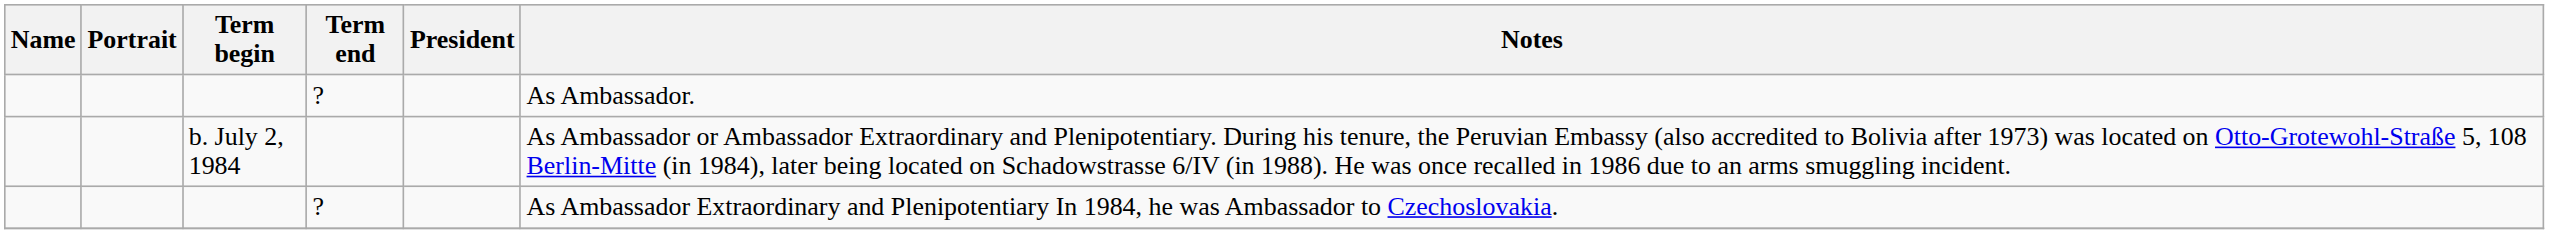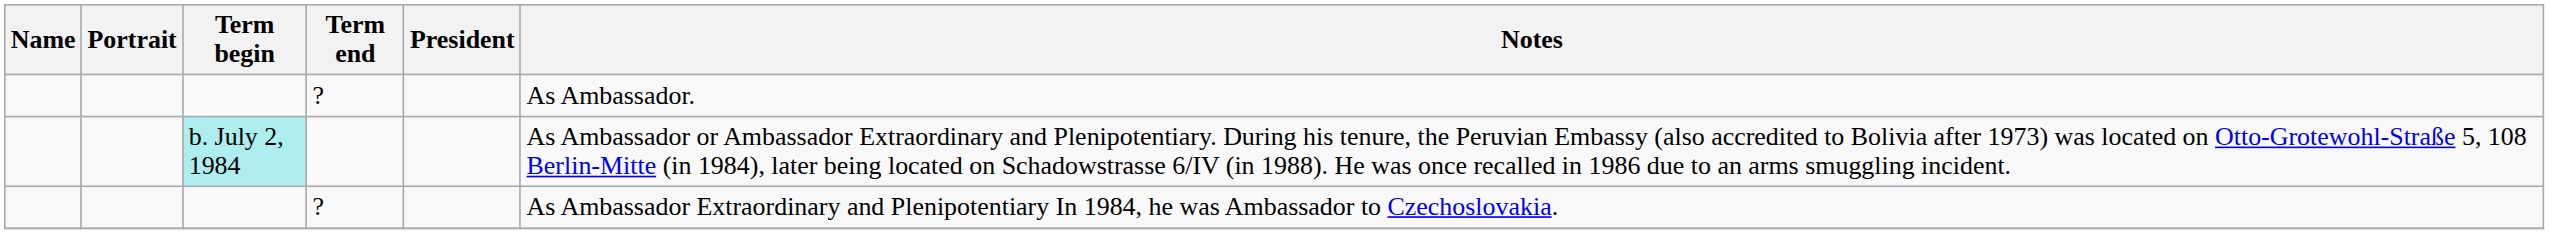 <table class="wikitable sortable"  text-align:center;">
 <tr>
 <th>Name</th>
 <th class="unsortable">Portrait</th>
 <th>Term begin</th>
 <th>Term end</th>
 <th>President</th>
 <th class="unsortable">Notes</th>
 </tr>
 <tr>
 <td></td>
 <td></td>
 <td></td>
 <td>?</td>
 <td></td>
 <td>As Ambassador.</td>
 </tr>
 <tr>
 <td></td>
 <td></td>
-<td><abbr>b.</abbr> July 2, 1984</td>
+<td style="background: paleturquoise;"><abbr>b.</abbr> July 2, 1984</td>
 <td></td>
 <td></td>
 <td>As Ambassador or Ambassador Extraordinary and Plenipotentiary. During his tenure, the Peruvian Embassy (also accredited to Bolivia after 1973) was located on <a href='#'>Otto-Grotewohl-Straße</a> 5, 108 <a href='#'>Berlin-Mitte</a> (in 1984), later being located on Schadowstrasse 6/IV (in 1988). He was once recalled in 1986 due to an arms smuggling incident.</td>
 </tr>
 <tr>
 <td></td>
 <td></td>
 <td></td>
 <td>?</td>
 <td></td>
 <td>As Ambassador Extraordinary and Plenipotentiary In 1984, he was Ambassador to <a href='#'>Czechoslovakia</a>.</td>
 </tr>
 <tr>
 </tr>
 </table>
